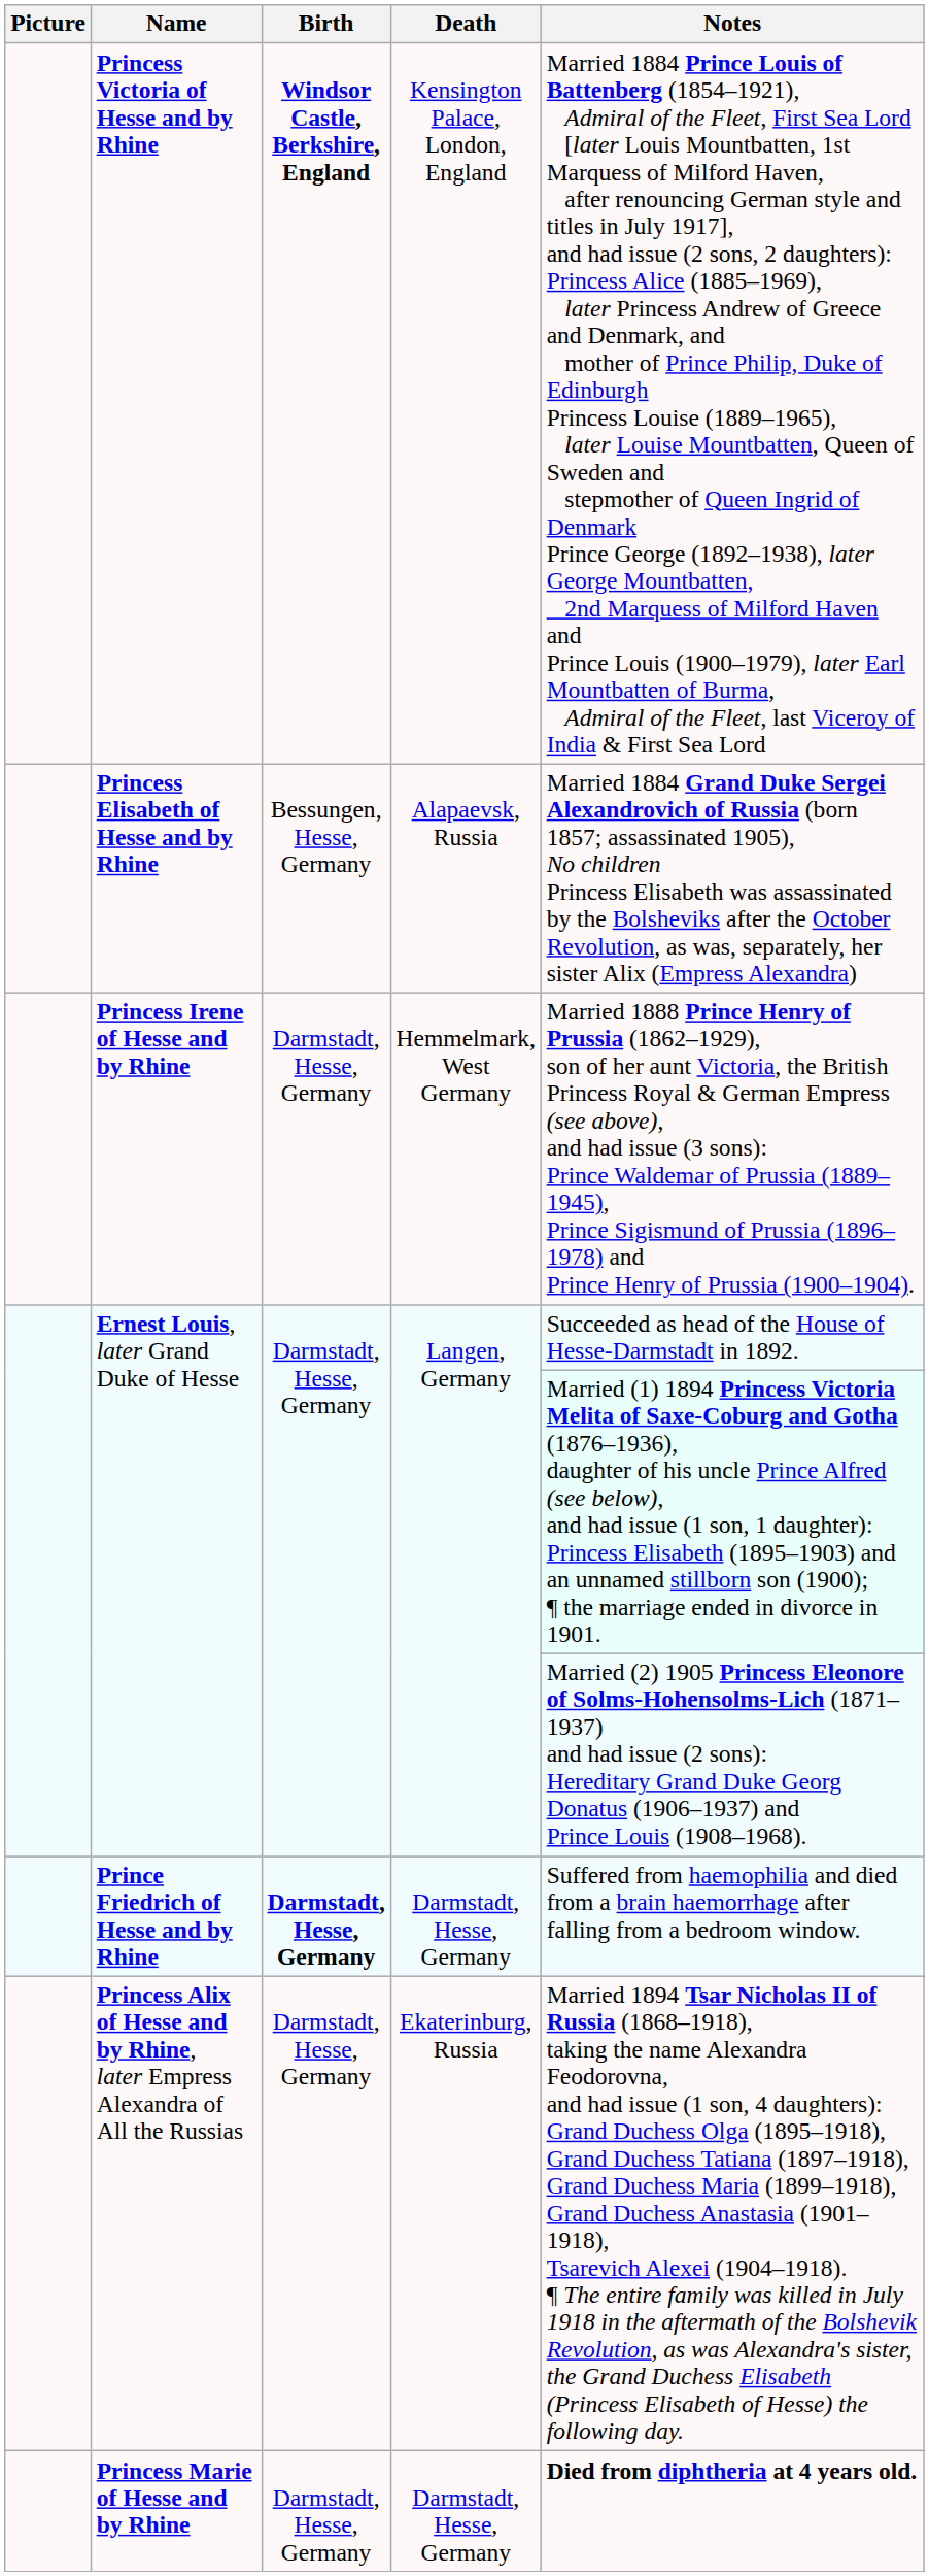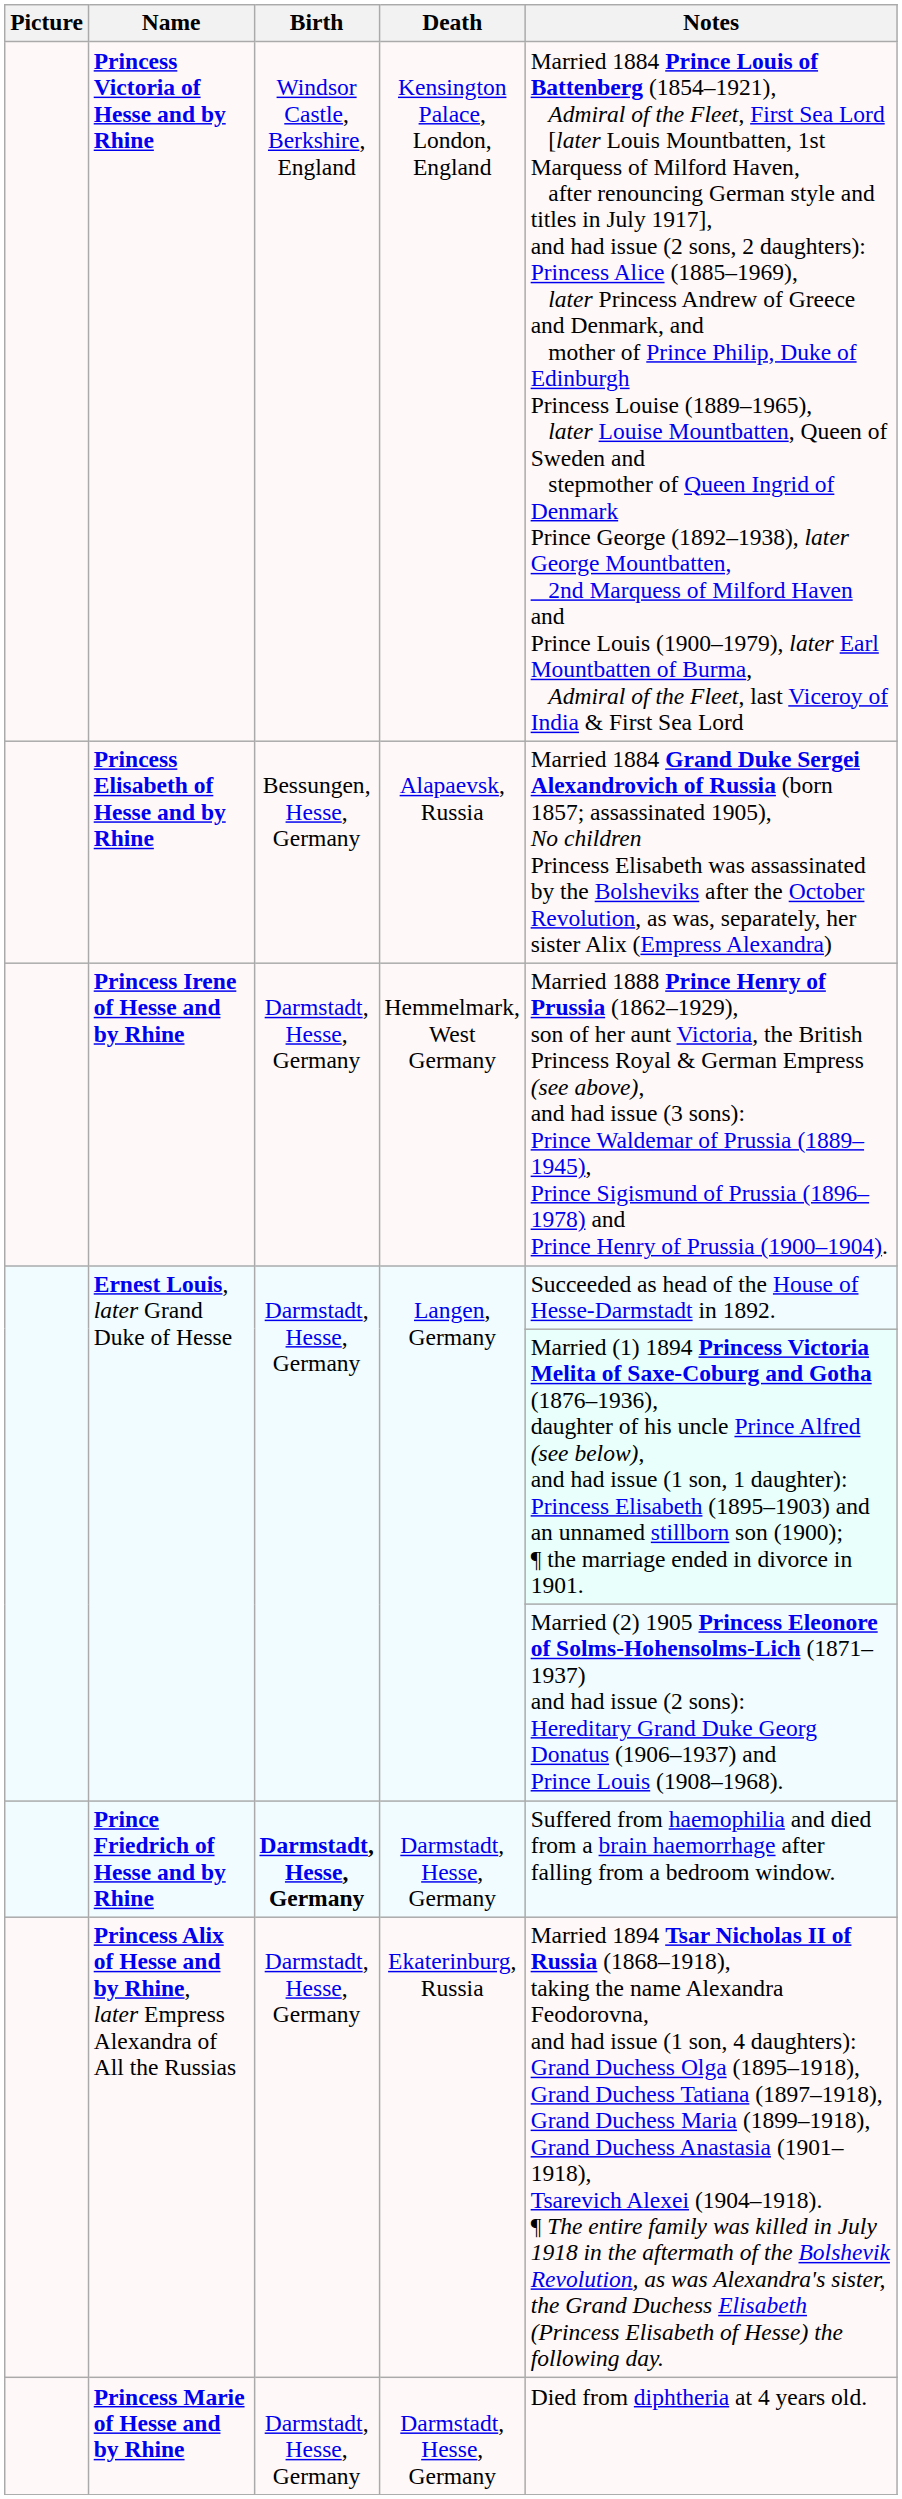 <table class="wikitable sortable">
 <tr>
 <th class="unsortable" width="9%">Picture</th>
 <th width="20%">Name</th>
 <th width="12%">Birth</th>
 <th width="12%">Death</th>
 <th class="sortable" width="47%;">Notes</th>
 </tr>
 <tr bgcolor=fff8f8 valign="top">
 <td align=center></td>
 <td><strong><a href='#'>Princess Victoria of Hesse and by Rhine</a></strong></td>
-<td align=center><strong><br><a href='#'>Windsor Castle</a>, <a href='#'>Berkshire</a>, England</strong></td>
+<td align=center><br><a href='#'>Windsor Castle</a>, <a href='#'>Berkshire</a>, England</td>
 <td align=center><br><a href='#'>Kensington Palace</a>,<br> London,<br> England</td>
 <td>Married 1884 <strong><a href='#'>Prince Louis of Battenberg</a></strong> (1854–1921),<br>   <em>Admiral of the Fleet</em>, <a href='#'>First Sea Lord</a> <br>   [<em>later</em> Louis Mountbatten, 1st Marquess of Milford Haven,<br>   after renouncing German style and titles in July 1917],<br> and had issue (2 sons, 2 daughters):<br> <a href='#'>Princess Alice</a> (1885–1969),<br>   <em>later</em> Princess Andrew of Greece and Denmark, and<br>   mother of <a href='#'>Prince Philip, Duke of Edinburgh</a><br> Princess Louise (1889–1965),<br>   <em>later</em> <a href='#'>Louise Mountbatten</a>, Queen of Sweden and<br>   stepmother of <a href='#'>Queen Ingrid of Denmark</a><br>Prince George (1892–1938), <em>later</em> <a href='#'>George Mountbatten, <br>   2nd Marquess of Milford Haven</a> and<br> Prince Louis (1900–1979), <em>later</em> <a href='#'>Earl Mountbatten of Burma</a>, <br>   <em>Admiral of the Fleet</em>, last <a href='#'>Viceroy of India</a> & First Sea Lord</td>
 </tr>
 <tr bgcolor=fff8f8 valign="top">
 <td align=center></td>
 <td><strong><a href='#'>Princess Elisabeth of Hesse and by Rhine</a></strong></td>
 <td align=center><br>Bessungen, <a href='#'>Hesse</a>, Germany</td>
 <td align=center><br><a href='#'>Alapaevsk</a>, Russia</td>
 <td>Married 1884 <strong><a href='#'>Grand Duke Sergei Alexandrovich of Russia</a></strong> (born 1857; assassinated 1905),<br> <em>No children</em> <br> Princess Elisabeth was assassinated by the <a href='#'>Bolsheviks</a> after the <a href='#'>October Revolution</a>, as was, separately, her sister Alix (<a href='#'>Empress Alexandra</a>)</td>
 </tr>
 <tr bgcolor=fff8f8 valign="top">
 <td align=center></td>
 <td><strong><a href='#'>Princess Irene of Hesse and by Rhine</a></strong></td>
 <td align=center><br><a href='#'>Darmstadt</a>, <a href='#'>Hesse</a>, Germany</td>
 <td align=center><br>Hemmelmark, West Germany</td>
 <td>Married 1888 <strong><a href='#'>Prince Henry of Prussia</a></strong> (1862–1929),<br> son of her aunt <a href='#'>Victoria</a>, the British Princess Royal & German Empress <em>(see above)</em>, <br> and had issue (3 sons):<br> <a href='#'>Prince Waldemar of Prussia (1889–1945)</a>,<br> <a href='#'>Prince Sigismund of Prussia (1896–1978)</a> and<br><a href='#'>Prince Henry of Prussia (1900–1904)</a>.</td>
 </tr>
 <tr bgcolor=f0fcff valign="top">
 <td align=center rowspan="3"></td>
 <td rowspan="3"><strong><a href='#'>Ernest Louis</a></strong>,<br><em>later</em> Grand Duke of Hesse</td>
 <td align=center rowspan="3"><br><a href='#'>Darmstadt</a>, <a href='#'>Hesse</a>,<br> Germany</td>
 <td align=center rowspan="3"><br><a href='#'>Langen</a>,<br> Germany</td>
 <td>Succeeded as head of the <a href='#'>House of Hesse-Darmstadt</a> in 1892.</td>
 </tr>
 <tr bgcolor=e8fffc>
 <td>Married (1) 1894 <strong><a href='#'>Princess Victoria Melita of Saxe-Coburg and Gotha</a></strong> (1876–1936),<br>daughter of his uncle <a href='#'>Prince Alfred</a> <em>(see below)</em>, <br>and had issue (1 son, 1 daughter):<br> <a href='#'>Princess Elisabeth</a> (1895–1903) and <br>an unnamed <a href='#'>stillborn</a> son (1900);<br>¶ the marriage ended in divorce in 1901.</td>
 </tr>
 <tr>
 <td bgcolor=f0fcff>Married (2) 1905 <strong><a href='#'>Princess Eleonore of Solms-Hohensolms-Lich</a></strong> (1871–1937) <br> and had issue (2 sons): <br><a href='#'>Hereditary Grand Duke Georg Donatus</a> (1906–1937) and<br> <a href='#'>Prince Louis</a> (1908–1968).</td>
 </tr>
 <tr bgcolor=f0fcff valign="top">
 <td align=center></td>
 <td><strong><a href='#'>Prince Friedrich of Hesse and by Rhine</a></strong></td>
 <td align=center><strong><br><a href='#'>Darmstadt</a>, <a href='#'>Hesse</a>,<br> Germany</strong></td>
 <td align=center><br><a href='#'>Darmstadt</a>, <a href='#'>Hesse</a>,<br> Germany</td>
 <td>Suffered from <a href='#'>haemophilia</a> and died from a <a href='#'>brain haemorrhage</a> after falling from a bedroom window.</td>
 </tr>
 <tr bgcolor=fff8f8 valign="top">
 <td align=center></td>
 <td><strong><a href='#'>Princess Alix of Hesse and by Rhine</a></strong>,<br> <em>later</em> Empress Alexandra of All the Russias</td>
 <td align=center><br><a href='#'>Darmstadt</a>, <a href='#'>Hesse</a>,<br> Germany</td>
 <td align=center><br><a href='#'>Ekaterinburg</a>, Russia</td>
 <td>Married 1894 <strong><a href='#'>Tsar Nicholas II of Russia</a></strong> (1868–1918),<br>taking the name Alexandra Feodorovna, <br> and had issue (1 son, 4 daughters): <br><a href='#'>Grand Duchess Olga</a> (1895–1918),<br> <a href='#'>Grand Duchess Tatiana</a> (1897–1918),<br> <a href='#'>Grand Duchess Maria</a> (1899–1918), <br><a href='#'>Grand Duchess Anastasia</a> (1901–1918),<br> <a href='#'>Tsarevich Alexei</a> (1904–1918).<br>¶ <em>The entire family was killed in July 1918 in the aftermath of the <a href='#'>Bolshevik Revolution</a>, as was Alexandra's sister, the Grand Duchess <a href='#'>Elisabeth</a> (Princess Elisabeth of Hesse) the following day.</em></td>
 </tr>
 <tr bgcolor=fff8f8 valign="top">
 <td align=center></td>
 <td><strong><a href='#'>Princess Marie of Hesse and by Rhine</a></strong></td>
 <td align=center><br><a href='#'>Darmstadt</a>, <a href='#'>Hesse</a>,<br> Germany</td>
 <td align=center><br><a href='#'>Darmstadt</a>,<br> <a href='#'>Hesse</a>, Germany</td>
-<td><strong>Died from <a href='#'>diphtheria</a> at 4 years old.</strong></td>
+<td>Died from <a href='#'>diphtheria</a> at 4 years old.</td>
 </tr>
 <tr>
 </tr>
 </table>
